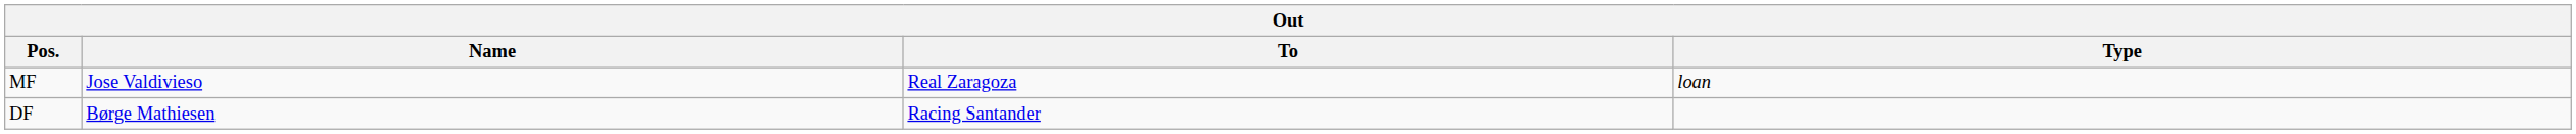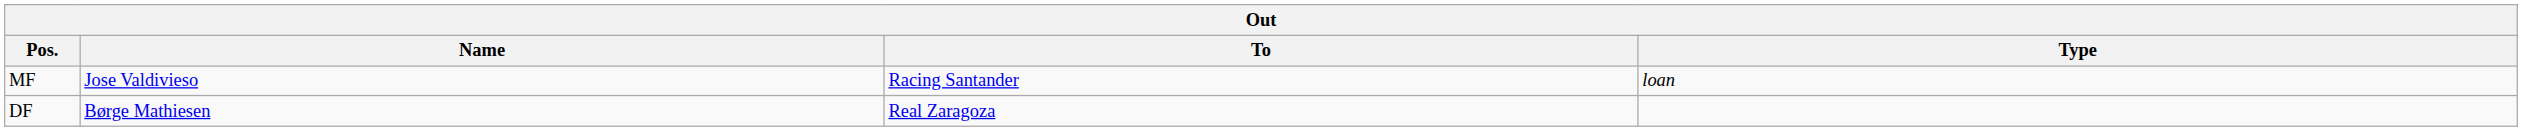 <table class="wikitable" style="font-size:90%;width:99%;">
 <tr>
 <th colspan="4">Out</th>
 </tr>
 <tr>
 <th width=3%>Pos.</th>
 <th width=32%>Name</th>
 <th width=30%>To</th>
 <th width=35%>Type</th>
 </tr>
 <tr>
 <td>MF</td>
 <td><a href='#'>Jose Valdivieso</a></td>
-<td><a href='#'>Real Zaragoza</a></td>
+<td><a href='#'>Racing Santander</a></td>
 <td><em>loan</em></td>
 </tr>
 <tr>
 <td>DF</td>
 <td><a href='#'>Børge Mathiesen</a></td>
-<td><a href='#'>Racing Santander</a></td>
+<td><a href='#'>Real Zaragoza</a></td>
 <td></td>
 </tr>
 </table>
